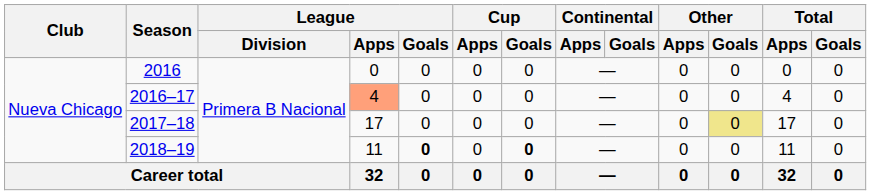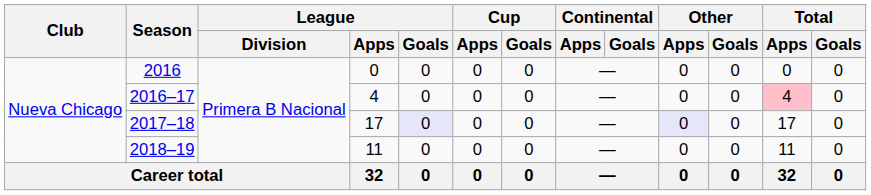 <table class="wikitable" style="text-align:center">
 <tr>
 <th rowspan="2">Club</th>
 <th rowspan="2">Season</th>
 <th colspan="3">League</th>
 <th colspan="2">Cup</th>
 <th colspan="2">Continental</th>
 <th colspan="2">Other</th>
 <th colspan="2">Total</th>
 </tr>
 <tr>
 <th>Division</th>
 <th>Apps</th>
 <th>Goals</th>
 <th>Apps</th>
 <th>Goals</th>
 <th>Apps</th>
 <th>Goals</th>
 <th>Apps</th>
 <th>Goals</th>
 <th>Apps</th>
 <th>Goals</th>
 </tr>
 <tr>
 <td rowspan="4"><a href='#'>Nueva Chicago</a></td>
 <td><a href='#'>2016</a></td>
 <td rowspan="4"><a href='#'>Primera B Nacional</a></td>
 <td>0</td>
 <td>0</td>
 <td>0</td>
 <td>0</td>
 <td colspan="2">—</td>
 <td>0</td>
 <td>0</td>
 <td>0</td>
 <td>0</td>
 </tr>
 <tr>
 <td><a href='#'>2016–17</a></td>
-<td style="background: lightsalmon;">4</td>
+<td>4</td>
 <td>0</td>
 <td>0</td>
 <td>0</td>
 <td colspan="2">—</td>
 <td>0</td>
 <td>0</td>
-<td>4</td>
+<td style="background: pink;">4</td>
 <td>0</td>
 </tr>
 <tr>
 <td><a href='#'>2017–18</a></td>
 <td>17</td>
-<td>0</td>
+<td style="background: lavender;">0</td>
 <td>0</td>
 <td>0</td>
 <td colspan="2">—</td>
+<td style="background: lavender;">0</td>
 <td>0</td>
-<td style="background: khaki;">0</td>
 <td>17</td>
 <td>0</td>
 </tr>
 <tr>
 <td><a href='#'>2018–19</a></td>
 <td>11</td>
-<td><strong>0</strong></td>
 <td>0</td>
-<td><strong>0</strong></td>
+<td>0</td>
+<td>0</td>
 <td colspan="2">—</td>
 <td>0</td>
 <td>0</td>
 <td>11</td>
 <td>0</td>
 </tr>
 <tr>
 <th colspan="3">Career total</th>
 <th>32</th>
 <th>0</th>
 <th>0</th>
 <th>0</th>
 <th colspan="2">—</th>
 <th>0</th>
 <th>0</th>
 <th>32</th>
 <th>0</th>
 </tr>
 </table>
